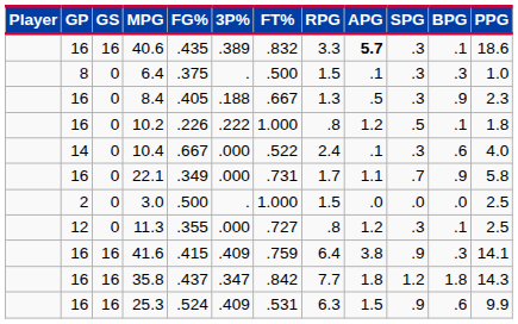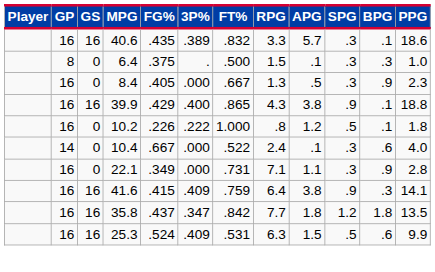 <table class="wikitable sortable" style="text-align:right;">
 <tr>
 <th style="background:#003DA5; color:#FFFFFF; border-top:#D50032 3px solid; border-bottom:#D50032 3px solid;">Player</th>
 <th style="background:#003DA5; color:#FFFFFF; border-top:#D50032 3px solid; border-bottom:#D50032 3px solid;">GP</th>
 <th style="background:#003DA5; color:#FFFFFF; border-top:#D50032 3px solid; border-bottom:#D50032 3px solid;">GS</th>
 <th style="background:#003DA5; color:#FFFFFF; border-top:#D50032 3px solid; border-bottom:#D50032 3px solid;">MPG</th>
 <th style="background:#003DA5; color:#FFFFFF; border-top:#D50032 3px solid; border-bottom:#D50032 3px solid;">FG%</th>
 <th style="background:#003DA5; color:#FFFFFF; border-top:#D50032 3px solid; border-bottom:#D50032 3px solid;">3P%</th>
 <th style="background:#003DA5; color:#FFFFFF; border-top:#D50032 3px solid; border-bottom:#D50032 3px solid;">FT%</th>
 <th style="background:#003DA5; color:#FFFFFF; border-top:#D50032 3px solid; border-bottom:#D50032 3px solid;">RPG</th>
 <th style="background:#003DA5; color:#FFFFFF; border-top:#D50032 3px solid; border-bottom:#D50032 3px solid;">APG</th>
 <th style="background:#003DA5; color:#FFFFFF; border-top:#D50032 3px solid; border-bottom:#D50032 3px solid;">SPG</th>
 <th style="background:#003DA5; color:#FFFFFF; border-top:#D50032 3px solid; border-bottom:#D50032 3px solid;">BPG</th>
 <th style="background:#003DA5; color:#FFFFFF; border-top:#D50032 3px solid; border-bottom:#D50032 3px solid;">PPG</th>
 </tr>
 <tr>
 <td></td>
 <td>16</td>
 <td>16</td>
 <td>40.6</td>
 <td>.435</td>
 <td>.389</td>
 <td>.832</td>
 <td>3.3</td>
-<td><strong>5.7</strong></td>
+<td>5.7</td>
 <td>.3</td>
 <td>.1</td>
 <td>18.6</td>
 </tr>
 <tr>
 <td></td>
 <td>8</td>
 <td>0</td>
 <td>6.4</td>
 <td>.375</td>
 <td>.</td>
 <td>.500</td>
 <td>1.5</td>
 <td>.1</td>
 <td>.3</td>
 <td>.3</td>
 <td>1.0</td>
 </tr>
 <tr>
 <td></td>
 <td>16</td>
 <td>0</td>
 <td>8.4</td>
 <td>.405</td>
-<td>.188</td>
+<td>.000</td>
 <td>.667</td>
 <td>1.3</td>
 <td>.5</td>
 <td>.3</td>
 <td>.9</td>
 <td>2.3</td>
+</tr>
+<tr>
+<td></td>
+<td>16</td>
+<td>16</td>
+<td>39.9</td>
+<td>.429</td>
+<td>.400</td>
+<td>.865</td>
+<td>4.3</td>
+<td>3.8</td>
+<td>.9</td>
+<td>.1</td>
+<td>18.8</td>
 </tr>
 <tr>
 <td></td>
 <td>16</td>
 <td>0</td>
 <td>10.2</td>
 <td>.226</td>
 <td>.222</td>
 <td>1.000</td>
 <td>.8</td>
 <td>1.2</td>
 <td>.5</td>
 <td>.1</td>
 <td>1.8</td>
 </tr>
 <tr>
 <td></td>
 <td>14</td>
 <td>0</td>
 <td>10.4</td>
 <td>.667</td>
 <td>.000</td>
 <td>.522</td>
 <td>2.4</td>
 <td>.1</td>
 <td>.3</td>
 <td>.6</td>
 <td>4.0</td>
 </tr>
 <tr>
 <td></td>
 <td>16</td>
 <td>0</td>
 <td>22.1</td>
 <td>.349</td>
 <td>.000</td>
 <td>.731</td>
-<td>1.7</td>
+<td>7.1</td>
 <td>1.1</td>
-<td>.7</td>
+<td>.3</td>
 <td>.9</td>
-<td>5.8</td>
-</tr>
-<tr>
-<td></td>
-<td>2</td>
-<td>0</td>
-<td>3.0</td>
-<td>.500</td>
-<td>.</td>
-<td>1.000</td>
-<td>1.5</td>
-<td>.0</td>
-<td>.0</td>
-<td>.0</td>
-<td>2.5</td>
-</tr>
-<tr>
-<td></td>
-<td>12</td>
-<td>0</td>
-<td>11.3</td>
-<td>.355</td>
-<td>.000</td>
-<td>.727</td>
-<td>.8</td>
-<td>1.2</td>
-<td>.3</td>
-<td>.1</td>
-<td>2.5</td>
+<td>2.8</td>
 </tr>
 <tr>
 <td></td>
 <td>16</td>
 <td>16</td>
 <td>41.6</td>
 <td>.415</td>
 <td>.409</td>
 <td>.759</td>
 <td>6.4</td>
 <td>3.8</td>
 <td>.9</td>
 <td>.3</td>
 <td>14.1</td>
 </tr>
 <tr>
 <td></td>
 <td>16</td>
 <td>16</td>
 <td>35.8</td>
 <td>.437</td>
 <td>.347</td>
 <td>.842</td>
 <td>7.7</td>
 <td>1.8</td>
 <td>1.2</td>
 <td>1.8</td>
-<td>14.3</td>
+<td>13.5</td>
 </tr>
 <tr>
 <td></td>
 <td>16</td>
 <td>16</td>
 <td>25.3</td>
 <td>.524</td>
 <td>.409</td>
 <td>.531</td>
 <td>6.3</td>
 <td>1.5</td>
-<td>.9</td>
+<td>.5</td>
 <td>.6</td>
 <td>9.9</td>
 </tr>
 </table>
